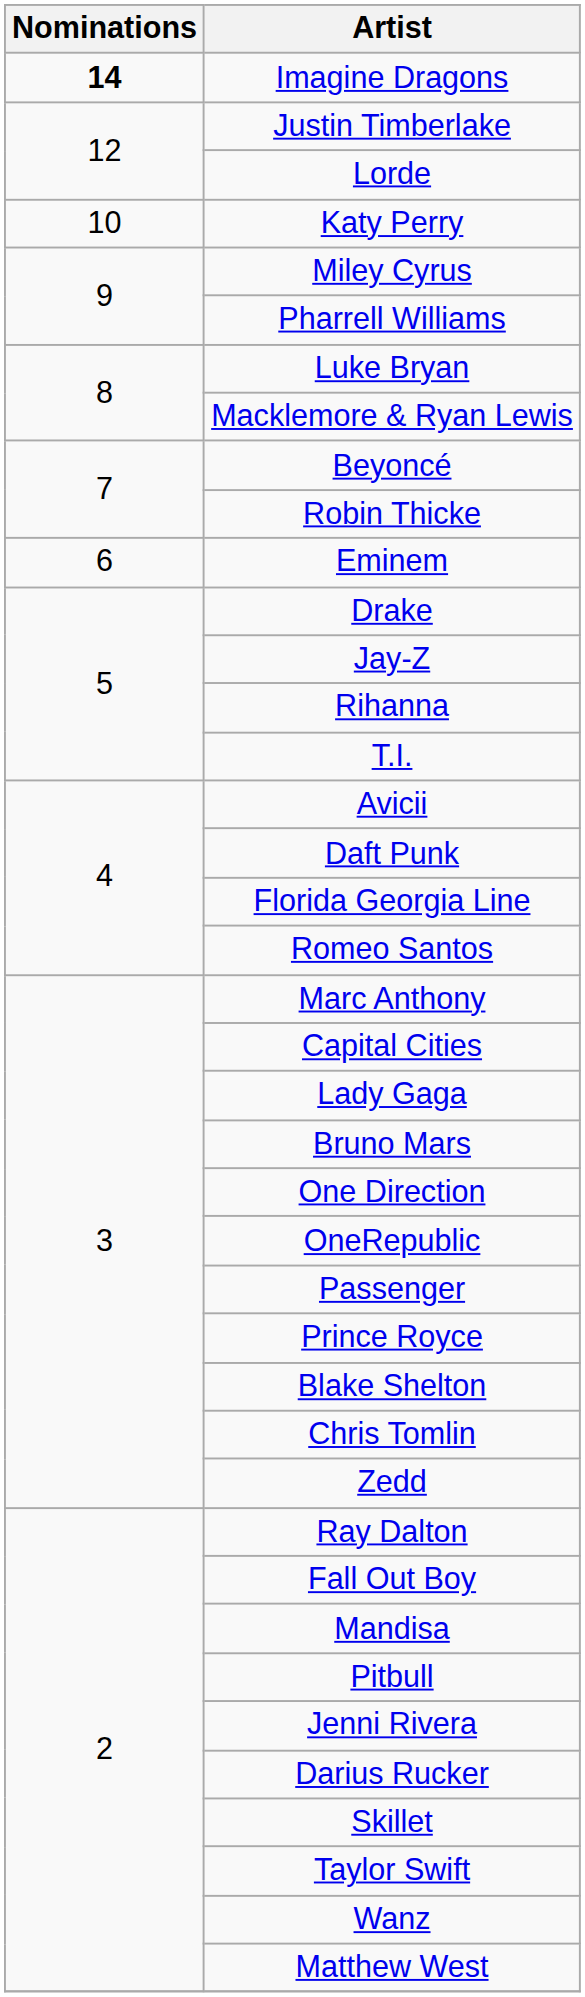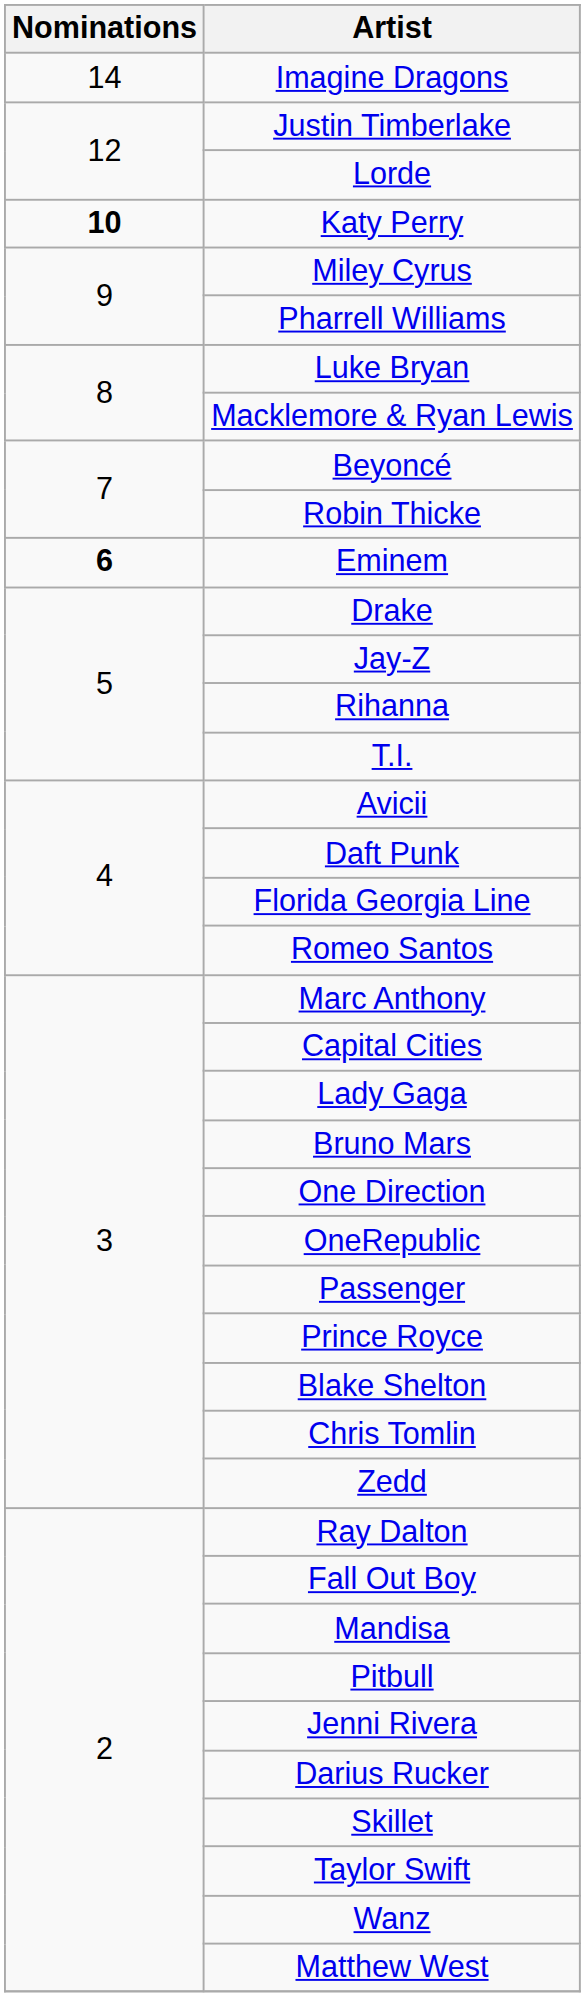 <table class="wikitable" rowspan="2" style="text-align:center;">
 <tr>
 <th scope="col" style="width:55px;">Nominations</th>
 <th scope="col" style="text-align:center;">Artist</th>
 </tr>
 <tr>
-<td style="text-align:center"><strong>14</strong></td>
+<td style="text-align:center">14</td>
 <td><a href='#'>Imagine Dragons</a></td>
 </tr>
 <tr>
 <td rowspan="2" style="text-align:center">12</td>
 <td><a href='#'>Justin Timberlake</a></td>
 </tr>
 <tr>
 <td><a href='#'>Lorde</a></td>
 </tr>
 <tr>
-<td style="text-align:center">10</td>
+<td style="text-align:center"><strong>10</strong></td>
 <td><a href='#'>Katy Perry</a></td>
 </tr>
 <tr>
 <td rowspan="2" style="text-align:center">9</td>
 <td><a href='#'>Miley Cyrus</a></td>
 </tr>
 <tr>
 <td><a href='#'>Pharrell Williams</a></td>
 </tr>
 <tr>
 <td rowspan="2" style="text-align:center">8</td>
 <td><a href='#'>Luke Bryan</a></td>
 </tr>
 <tr>
 <td><a href='#'>Macklemore & Ryan Lewis</a></td>
 </tr>
 <tr>
 <td rowspan="2" style="text-align:center">7</td>
 <td><a href='#'>Beyoncé</a></td>
 </tr>
 <tr>
 <td><a href='#'>Robin Thicke</a></td>
 </tr>
 <tr>
-<td style="text-align:center">6</td>
+<td style="text-align:center"><strong>6</strong></td>
 <td><a href='#'>Eminem</a></td>
 </tr>
 <tr>
 <td rowspan="4" style="text-align:center">5</td>
 <td><a href='#'>Drake</a></td>
 </tr>
 <tr>
 <td><a href='#'>Jay-Z</a></td>
 </tr>
 <tr>
 <td><a href='#'>Rihanna</a></td>
 </tr>
 <tr>
 <td><a href='#'>T.I.</a></td>
 </tr>
 <tr>
 <td rowspan="4" style="text-align:center">4</td>
 <td><a href='#'>Avicii</a></td>
 </tr>
 <tr>
 <td><a href='#'>Daft Punk</a></td>
 </tr>
 <tr>
 <td><a href='#'>Florida Georgia Line</a></td>
 </tr>
 <tr>
 <td><a href='#'>Romeo Santos</a></td>
 </tr>
 <tr>
 <td rowspan="11" style="text-align:center">3</td>
 <td><a href='#'>Marc Anthony</a></td>
 </tr>
 <tr>
 <td><a href='#'>Capital Cities</a></td>
 </tr>
 <tr>
 <td><a href='#'>Lady Gaga</a></td>
 </tr>
 <tr>
 <td><a href='#'>Bruno Mars</a></td>
 </tr>
 <tr>
 <td><a href='#'>One Direction</a></td>
 </tr>
 <tr>
 <td><a href='#'>OneRepublic</a></td>
 </tr>
 <tr>
 <td><a href='#'>Passenger</a></td>
 </tr>
 <tr>
 <td><a href='#'>Prince Royce</a></td>
 </tr>
 <tr>
 <td><a href='#'>Blake Shelton</a></td>
 </tr>
 <tr>
 <td><a href='#'>Chris Tomlin</a></td>
 </tr>
 <tr>
 <td><a href='#'>Zedd</a></td>
 </tr>
 <tr>
 <td rowspan="10" style="text-align:center">2</td>
 <td><a href='#'>Ray Dalton</a></td>
 </tr>
 <tr>
 <td><a href='#'>Fall Out Boy</a></td>
 </tr>
 <tr>
 <td><a href='#'>Mandisa</a></td>
 </tr>
 <tr>
 <td><a href='#'>Pitbull</a></td>
 </tr>
 <tr>
 <td><a href='#'>Jenni Rivera</a></td>
 </tr>
 <tr>
 <td><a href='#'>Darius Rucker</a></td>
 </tr>
 <tr>
 <td><a href='#'>Skillet</a></td>
 </tr>
 <tr>
 <td><a href='#'>Taylor Swift</a></td>
 </tr>
 <tr>
 <td><a href='#'>Wanz</a></td>
 </tr>
 <tr>
 <td><a href='#'>Matthew West</a></td>
 </tr>
 <tr>
 </tr>
 </table>
